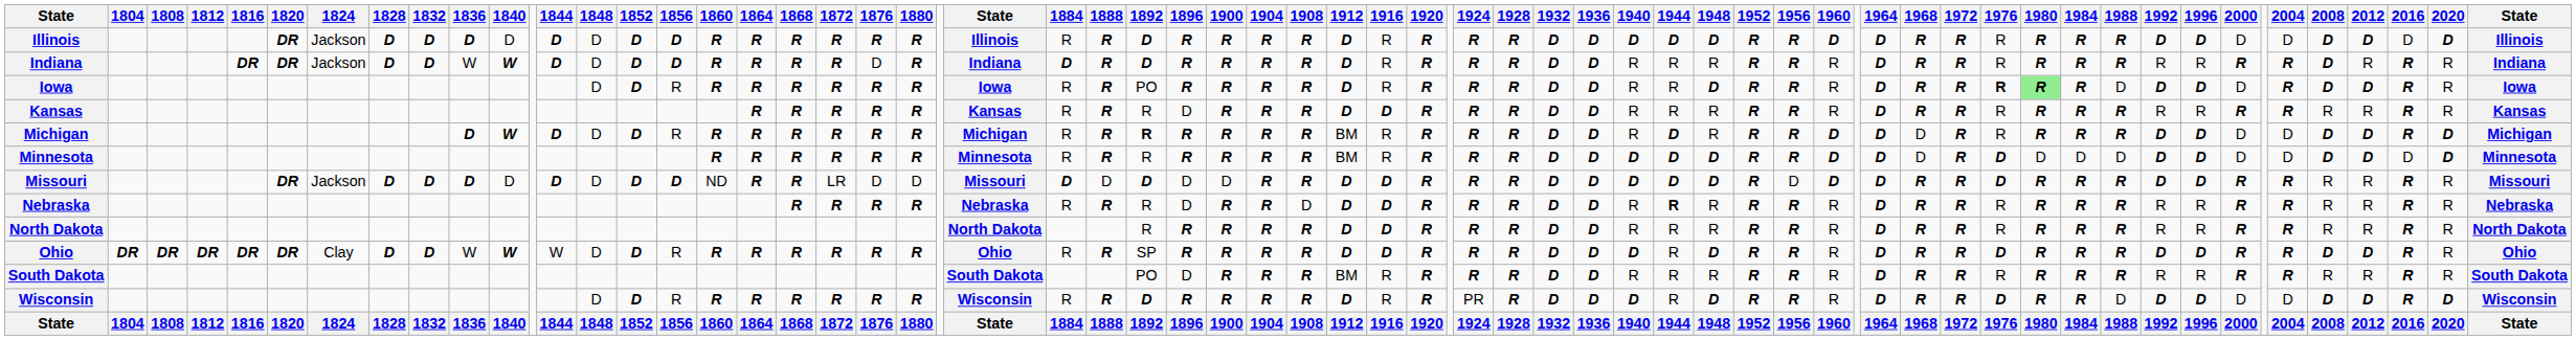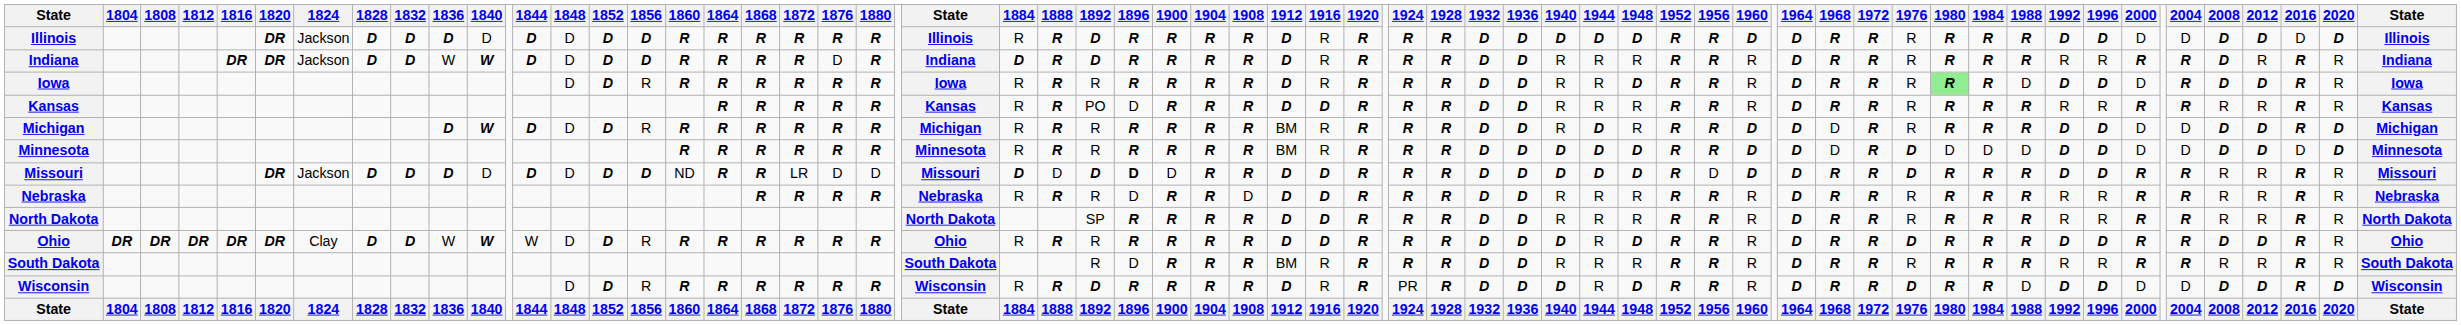 <table class=wikitable style="text-align:center">
 <tr>
 <th>State</th>
 <th><a href='#'>1804</a></th>
 <th><a href='#'>1808</a></th>
 <th><a href='#'>1812</a></th>
 <th><a href='#'>1816</a></th>
 <th><a href='#'>1820</a></th>
 <th><a href='#'>1824</a></th>
 <th><a href='#'>1828</a></th>
 <th><a href='#'>1832</a></th>
 <th><a href='#'>1836</a></th>
 <th><a href='#'>1840</a></th>
 <td rowspan=99></td>
 <th><a href='#'>1844</a></th>
 <th><a href='#'>1848</a></th>
 <th><a href='#'>1852</a></th>
 <th><a href='#'>1856</a></th>
 <th><a href='#'>1860</a></th>
 <th><a href='#'>1864</a></th>
 <th><a href='#'>1868</a></th>
 <th><a href='#'>1872</a></th>
 <th><a href='#'>1876</a></th>
 <th><a href='#'>1880</a></th>
 <td rowspan=99></td>
 <th>State</th>
 <th><a href='#'>1884</a></th>
 <th><a href='#'>1888</a></th>
 <th><a href='#'>1892</a></th>
 <th><a href='#'>1896</a></th>
 <th><a href='#'>1900</a></th>
 <th><a href='#'>1904</a></th>
 <th><a href='#'>1908</a></th>
 <th><a href='#'>1912</a></th>
 <th><a href='#'>1916</a></th>
 <th><a href='#'>1920</a></th>
 <td rowspan=99></td>
 <th><a href='#'>1924</a></th>
 <th><a href='#'>1928</a></th>
 <th><a href='#'>1932</a></th>
 <th><a href='#'>1936</a></th>
 <th><a href='#'>1940</a></th>
 <th><a href='#'>1944</a></th>
 <th><a href='#'>1948</a></th>
 <th><a href='#'>1952</a></th>
 <th><a href='#'>1956</a></th>
 <th><a href='#'>1960</a></th>
 <td rowspan=99></td>
 <th><a href='#'>1964</a></th>
 <th><a href='#'>1968</a></th>
 <th><a href='#'>1972</a></th>
 <th><a href='#'>1976</a></th>
 <th><a href='#'>1980</a></th>
 <th><a href='#'>1984</a></th>
 <th><a href='#'>1988</a></th>
 <th><a href='#'>1992</a></th>
 <th><a href='#'>1996</a></th>
 <th><a href='#'>2000</a></th>
 <td rowspan=99></td>
 <th><a href='#'>2004</a></th>
 <th><a href='#'>2008</a></th>
 <th><a href='#'>2012</a></th>
 <th><a href='#'>2016</a></th>
 <th><a href='#'>2020</a></th>
 <th>State</th>
 </tr>
 <tr>
 <th nowrap><a href='#'>Illinois</a></th>
 <td> </td>
 <td> </td>
 <td> </td>
 <td> </td>
 <td><strong><em>DR</em></strong></td>
 <td>Jackson</td>
 <td><strong><em>D</em></strong></td>
 <td><strong><em>D</em></strong></td>
 <td><strong><em>D</em></strong></td>
 <td>D</td>
 <td><strong><em>D</em></strong></td>
 <td>D</td>
 <td><strong><em>D</em></strong></td>
 <td><strong><em>D</em></strong></td>
 <td><strong><em>R</em></strong></td>
 <td><strong><em>R</em></strong></td>
 <td><strong><em>R</em></strong></td>
 <td><strong><em>R</em></strong></td>
 <td><strong><em>R</em></strong></td>
 <td><strong><em>R</em></strong></td>
 <th nowrap><a href='#'>Illinois</a></th>
 <td>R</td>
 <td><strong><em>R</em></strong></td>
 <td><strong><em>D</em></strong></td>
 <td><strong><em>R</em></strong></td>
 <td><strong><em>R</em></strong></td>
 <td><strong><em>R</em></strong></td>
 <td><strong><em>R</em></strong></td>
 <td><strong><em>D</em></strong></td>
 <td>R</td>
 <td><strong><em>R</em></strong></td>
 <td><strong><em>R</em></strong></td>
 <td><strong><em>R</em></strong></td>
 <td><strong><em>D</em></strong></td>
 <td><strong><em>D</em></strong></td>
 <td><strong><em>D</em></strong></td>
 <td><strong><em>D</em></strong></td>
 <td><strong><em>D</em></strong></td>
 <td><strong><em>R</em></strong></td>
 <td><strong><em>R</em></strong></td>
 <td><strong><em>D</em></strong></td>
 <td><strong><em>D</em></strong></td>
 <td><strong><em>R</em></strong></td>
 <td><strong><em>R</em></strong></td>
 <td>R</td>
 <td><strong><em>R</em></strong></td>
 <td><strong><em>R</em></strong></td>
 <td><strong><em>R</em></strong></td>
 <td><strong><em>D</em></strong></td>
 <td><strong><em>D</em></strong></td>
 <td>D</td>
 <td>D</td>
 <td><strong><em>D</em></strong></td>
 <td><strong><em>D</em></strong></td>
 <td>D</td>
 <td><strong><em>D</em></strong></td>
 <th nowrap><a href='#'>Illinois</a></th>
 </tr>
 <tr>
 <th nowrap><a href='#'>Indiana</a></th>
 <td> </td>
 <td> </td>
 <td> </td>
 <td><strong><em>DR</em></strong></td>
 <td><strong><em>DR</em></strong></td>
 <td>Jackson</td>
 <td><strong><em>D</em></strong></td>
 <td><strong><em>D</em></strong></td>
 <td>W</td>
 <td><strong><em>W</em></strong></td>
 <td><strong><em>D</em></strong></td>
 <td>D</td>
 <td><strong><em>D</em></strong></td>
 <td><strong><em>D</em></strong></td>
 <td><strong><em>R</em></strong></td>
 <td><strong><em>R</em></strong></td>
 <td><strong><em>R</em></strong></td>
 <td><strong><em>R</em></strong></td>
 <td>D</td>
 <td><strong><em>R</em></strong></td>
 <th nowrap><a href='#'>Indiana</a></th>
 <td><strong><em>D</em></strong></td>
 <td><strong><em>R</em></strong></td>
 <td><strong><em>D</em></strong></td>
 <td><strong><em>R</em></strong></td>
 <td><strong><em>R</em></strong></td>
 <td><strong><em>R</em></strong></td>
 <td><strong><em>R</em></strong></td>
 <td><strong><em>D</em></strong></td>
 <td>R</td>
 <td><strong><em>R</em></strong></td>
 <td><strong><em>R</em></strong></td>
 <td><strong><em>R</em></strong></td>
 <td><strong><em>D</em></strong></td>
 <td><strong><em>D</em></strong></td>
 <td>R</td>
 <td>R</td>
 <td>R</td>
 <td><strong><em>R</em></strong></td>
 <td><strong><em>R</em></strong></td>
 <td>R</td>
 <td><strong><em>D</em></strong></td>
 <td><strong><em>R</em></strong></td>
 <td><strong><em>R</em></strong></td>
 <td>R</td>
 <td><strong><em>R</em></strong></td>
 <td><strong><em>R</em></strong></td>
 <td><strong><em>R</em></strong></td>
 <td>R</td>
 <td>R</td>
 <td><strong><em>R</em></strong></td>
 <td><strong><em>R</em></strong></td>
 <td><strong><em>D</em></strong></td>
 <td>R</td>
 <td><strong><em>R</em></strong></td>
 <td>R</td>
 <th nowrap><a href='#'>Indiana</a></th>
 </tr>
 <tr>
 <th nowrap><a href='#'>Iowa</a></th>
 <td> </td>
 <td> </td>
 <td> </td>
 <td> </td>
 <td> </td>
 <td> </td>
 <td> </td>
 <td> </td>
 <td> </td>
 <td> </td>
 <td> </td>
 <td>D</td>
 <td><strong><em>D</em></strong></td>
 <td>R</td>
 <td><strong><em>R</em></strong></td>
 <td><strong><em>R</em></strong></td>
 <td><strong><em>R</em></strong></td>
 <td><strong><em>R</em></strong></td>
 <td><strong><em>R</em></strong></td>
 <td><strong><em>R</em></strong></td>
 <th nowrap><a href='#'>Iowa</a></th>
 <td>R</td>
 <td><strong><em>R</em></strong></td>
-<td>PO</td>
+<td>R</td>
 <td><strong><em>R</em></strong></td>
 <td><strong><em>R</em></strong></td>
 <td><strong><em>R</em></strong></td>
 <td><strong><em>R</em></strong></td>
 <td><strong><em>D</em></strong></td>
 <td>R</td>
 <td><strong><em>R</em></strong></td>
 <td><strong><em>R</em></strong></td>
 <td><strong><em>R</em></strong></td>
 <td><strong><em>D</em></strong></td>
 <td><strong><em>D</em></strong></td>
 <td>R</td>
 <td>R</td>
 <td><strong><em>D</em></strong></td>
 <td><strong><em>R</em></strong></td>
 <td><strong><em>R</em></strong></td>
 <td>R</td>
 <td><strong><em>D</em></strong></td>
 <td><strong><em>R</em></strong></td>
 <td><strong><em>R</em></strong></td>
-<td><strong>R</strong></td>
+<td>R</td>
 <td style="background: lightgreen;"><strong><em>R</em></strong></td>
 <td><strong><em>R</em></strong></td>
 <td>D</td>
 <td><strong><em>D</em></strong></td>
 <td><strong><em>D</em></strong></td>
 <td>D</td>
 <td><strong><em>R</em></strong></td>
 <td><strong><em>D</em></strong></td>
 <td><strong><em>D</em></strong></td>
 <td><strong><em>R</em></strong></td>
 <td>R</td>
 <th nowrap><a href='#'>Iowa</a></th>
 </tr>
 <tr>
 <th nowrap><a href='#'>Kansas</a></th>
 <td> </td>
 <td> </td>
 <td> </td>
 <td> </td>
 <td> </td>
 <td> </td>
 <td> </td>
 <td> </td>
 <td> </td>
 <td> </td>
 <td> </td>
 <td> </td>
 <td> </td>
 <td> </td>
 <td> </td>
 <td><strong><em>R</em></strong></td>
 <td><strong><em>R</em></strong></td>
 <td><strong><em>R</em></strong></td>
 <td><strong><em>R</em></strong></td>
 <td><strong><em>R</em></strong></td>
 <th nowrap><a href='#'>Kansas</a></th>
 <td>R</td>
 <td><strong><em>R</em></strong></td>
-<td>R</td>
+<td>PO</td>
 <td>D</td>
 <td><strong><em>R</em></strong></td>
 <td><strong><em>R</em></strong></td>
 <td><strong><em>R</em></strong></td>
 <td><strong><em>D</em></strong></td>
 <td><strong><em>D</em></strong></td>
 <td><strong><em>R</em></strong></td>
 <td><strong><em>R</em></strong></td>
 <td><strong><em>R</em></strong></td>
 <td><strong><em>D</em></strong></td>
 <td><strong><em>D</em></strong></td>
 <td>R</td>
 <td>R</td>
 <td>R</td>
 <td><strong><em>R</em></strong></td>
 <td><strong><em>R</em></strong></td>
 <td>R</td>
 <td><strong><em>D</em></strong></td>
 <td><strong><em>R</em></strong></td>
 <td><strong><em>R</em></strong></td>
 <td>R</td>
 <td><strong><em>R</em></strong></td>
 <td><strong><em>R</em></strong></td>
 <td><strong><em>R</em></strong></td>
 <td>R</td>
 <td>R</td>
 <td><strong><em>R</em></strong></td>
 <td><strong><em>R</em></strong></td>
 <td>R</td>
 <td>R</td>
 <td><strong><em>R</em></strong></td>
 <td>R</td>
 <th nowrap><a href='#'>Kansas</a></th>
 </tr>
 <tr>
 <th nowrap><a href='#'>Michigan</a></th>
 <td> </td>
 <td> </td>
 <td> </td>
 <td> </td>
 <td> </td>
 <td> </td>
 <td> </td>
 <td> </td>
 <td><strong><em>D</em></strong></td>
 <td><strong><em>W</em></strong></td>
 <td><strong><em>D</em></strong></td>
 <td>D</td>
 <td><strong><em>D</em></strong></td>
 <td>R</td>
 <td><strong><em>R</em></strong></td>
 <td><strong><em>R</em></strong></td>
 <td><strong><em>R</em></strong></td>
 <td><strong><em>R</em></strong></td>
 <td><strong><em>R</em></strong></td>
 <td><strong><em>R</em></strong></td>
 <th nowrap><a href='#'>Michigan</a></th>
 <td>R</td>
 <td><strong><em>R</em></strong></td>
-<td><strong>R</strong></td>
+<td>R</td>
 <td><strong><em>R</em></strong></td>
 <td><strong><em>R</em></strong></td>
 <td><strong><em>R</em></strong></td>
 <td><strong><em>R</em></strong></td>
 <td>BM</td>
 <td>R</td>
 <td><strong><em>R</em></strong></td>
 <td><strong><em>R</em></strong></td>
 <td><strong><em>R</em></strong></td>
 <td><strong><em>D</em></strong></td>
 <td><strong><em>D</em></strong></td>
 <td>R</td>
 <td><strong><em>D</em></strong></td>
 <td>R</td>
 <td><strong><em>R</em></strong></td>
 <td><strong><em>R</em></strong></td>
 <td><strong><em>D</em></strong></td>
 <td><strong><em>D</em></strong></td>
 <td>D</td>
 <td><strong><em>R</em></strong></td>
 <td>R</td>
 <td><strong><em>R</em></strong></td>
 <td><strong><em>R</em></strong></td>
 <td><strong><em>R</em></strong></td>
 <td><strong><em>D</em></strong></td>
 <td><strong><em>D</em></strong></td>
 <td>D</td>
 <td>D</td>
 <td><strong><em>D</em></strong></td>
 <td><strong><em>D</em></strong></td>
 <td><strong><em>R</em></strong></td>
 <td><strong><em>D</em></strong></td>
 <th nowrap><a href='#'>Michigan</a></th>
 </tr>
 <tr>
 <th nowrap><a href='#'>Minnesota</a></th>
 <td> </td>
 <td> </td>
 <td> </td>
 <td> </td>
 <td> </td>
 <td> </td>
 <td> </td>
 <td> </td>
 <td> </td>
 <td> </td>
 <td> </td>
 <td> </td>
 <td> </td>
 <td> </td>
 <td><strong><em>R</em></strong></td>
 <td><strong><em>R</em></strong></td>
 <td><strong><em>R</em></strong></td>
 <td><strong><em>R</em></strong></td>
 <td><strong><em>R</em></strong></td>
 <td><strong><em>R</em></strong></td>
 <th nowrap><a href='#'>Minnesota</a></th>
 <td>R</td>
 <td><strong><em>R</em></strong></td>
 <td>R</td>
 <td><strong><em>R</em></strong></td>
 <td><strong><em>R</em></strong></td>
 <td><strong><em>R</em></strong></td>
 <td><strong><em>R</em></strong></td>
 <td>BM</td>
 <td>R</td>
 <td><strong><em>R</em></strong></td>
 <td><strong><em>R</em></strong></td>
 <td><strong><em>R</em></strong></td>
 <td><strong><em>D</em></strong></td>
 <td><strong><em>D</em></strong></td>
 <td><strong><em>D</em></strong></td>
 <td><strong><em>D</em></strong></td>
 <td><strong><em>D</em></strong></td>
 <td><strong><em>R</em></strong></td>
 <td><strong><em>R</em></strong></td>
 <td><strong><em>D</em></strong></td>
 <td><strong><em>D</em></strong></td>
 <td>D</td>
 <td><strong><em>R</em></strong></td>
 <td><strong><em>D</em></strong></td>
 <td>D</td>
 <td>D</td>
 <td>D</td>
 <td><strong><em>D</em></strong></td>
 <td><strong><em>D</em></strong></td>
 <td>D</td>
 <td>D</td>
 <td><strong><em>D</em></strong></td>
 <td><strong><em>D</em></strong></td>
 <td>D</td>
 <td><strong><em>D</em></strong></td>
 <th nowrap><a href='#'>Minnesota</a></th>
 </tr>
 <tr>
 <th nowrap><a href='#'>Missouri</a></th>
 <td> </td>
 <td> </td>
 <td> </td>
 <td> </td>
 <td><strong><em>DR</em></strong></td>
 <td>Jackson</td>
 <td><strong><em>D</em></strong></td>
 <td><strong><em>D</em></strong></td>
 <td><strong><em>D</em></strong></td>
 <td>D</td>
 <td><strong><em>D</em></strong></td>
 <td>D</td>
 <td><strong><em>D</em></strong></td>
 <td><strong><em>D</em></strong></td>
 <td>ND</td>
 <td><strong><em>R</em></strong></td>
 <td><strong><em>R</em></strong></td>
 <td>LR</td>
 <td>D</td>
 <td>D</td>
 <th nowrap><a href='#'>Missouri</a></th>
 <td><strong><em>D</em></strong></td>
 <td>D</td>
 <td><strong><em>D</em></strong></td>
-<td>D</td>
+<td><strong>D</strong></td>
 <td>D</td>
 <td><strong><em>R</em></strong></td>
 <td><strong><em>R</em></strong></td>
 <td><strong><em>D</em></strong></td>
 <td><strong><em>D</em></strong></td>
 <td><strong><em>R</em></strong></td>
 <td><strong><em>R</em></strong></td>
 <td><strong><em>R</em></strong></td>
 <td><strong><em>D</em></strong></td>
 <td><strong><em>D</em></strong></td>
 <td><strong><em>D</em></strong></td>
 <td><strong><em>D</em></strong></td>
 <td><strong><em>D</em></strong></td>
 <td><strong><em>R</em></strong></td>
 <td>D</td>
 <td><strong><em>D</em></strong></td>
 <td><strong><em>D</em></strong></td>
 <td><strong><em>R</em></strong></td>
 <td><strong><em>R</em></strong></td>
 <td><strong><em>D</em></strong></td>
 <td><strong><em>R</em></strong></td>
 <td><strong><em>R</em></strong></td>
 <td><strong><em>R</em></strong></td>
 <td><strong><em>D</em></strong></td>
 <td><strong><em>D</em></strong></td>
 <td><strong><em>R</em></strong></td>
 <td><strong><em>R</em></strong></td>
 <td>R</td>
 <td>R</td>
 <td><strong><em>R</em></strong></td>
 <td>R</td>
 <th nowrap><a href='#'>Missouri</a></th>
 </tr>
 <tr>
 <th nowrap><a href='#'>Nebraska</a></th>
 <td> </td>
 <td> </td>
 <td> </td>
 <td> </td>
 <td> </td>
 <td> </td>
 <td> </td>
 <td> </td>
 <td> </td>
 <td> </td>
 <td> </td>
 <td> </td>
 <td> </td>
 <td> </td>
 <td> </td>
 <td> </td>
 <td><strong><em>R</em></strong></td>
 <td><strong><em>R</em></strong></td>
 <td><strong><em>R</em></strong></td>
 <td><strong><em>R</em></strong></td>
 <th nowrap><a href='#'>Nebraska</a></th>
 <td>R</td>
 <td><strong><em>R</em></strong></td>
 <td>R</td>
 <td>D</td>
 <td><strong><em>R</em></strong></td>
 <td><strong><em>R</em></strong></td>
 <td>D</td>
 <td><strong><em>D</em></strong></td>
 <td><strong><em>D</em></strong></td>
 <td><strong><em>R</em></strong></td>
 <td><strong><em>R</em></strong></td>
 <td><strong><em>R</em></strong></td>
 <td><strong><em>D</em></strong></td>
 <td><strong><em>D</em></strong></td>
 <td>R</td>
-<td><strong>R</strong></td>
+<td>R</td>
 <td>R</td>
 <td><strong><em>R</em></strong></td>
 <td><strong><em>R</em></strong></td>
 <td>R</td>
 <td><strong><em>D</em></strong></td>
 <td><strong><em>R</em></strong></td>
 <td><strong><em>R</em></strong></td>
 <td>R</td>
 <td><strong><em>R</em></strong></td>
 <td><strong><em>R</em></strong></td>
 <td><strong><em>R</em></strong></td>
 <td>R</td>
 <td>R</td>
 <td><strong><em>R</em></strong></td>
 <td><strong><em>R</em></strong></td>
 <td>R</td>
 <td>R</td>
 <td><strong><em>R</em></strong></td>
 <td>R</td>
 <th nowrap><a href='#'>Nebraska</a></th>
 </tr>
 <tr>
 <th nowrap><a href='#'>North Dakota</a></th>
 <td> </td>
 <td> </td>
 <td> </td>
 <td> </td>
 <td> </td>
 <td> </td>
 <td> </td>
 <td> </td>
 <td> </td>
 <td> </td>
 <td> </td>
 <td> </td>
 <td> </td>
 <td> </td>
 <td> </td>
 <td> </td>
 <td> </td>
 <td> </td>
 <td> </td>
 <td> </td>
 <th nowrap><a href='#'>North Dakota</a></th>
 <td> </td>
 <td> </td>
-<td>R</td>
+<td>SP</td>
 <td><strong><em>R</em></strong></td>
 <td><strong><em>R</em></strong></td>
 <td><strong><em>R</em></strong></td>
 <td><strong><em>R</em></strong></td>
 <td><strong><em>D</em></strong></td>
 <td><strong><em>D</em></strong></td>
 <td><strong><em>R</em></strong></td>
 <td><strong><em>R</em></strong></td>
 <td><strong><em>R</em></strong></td>
 <td><strong><em>D</em></strong></td>
 <td><strong><em>D</em></strong></td>
 <td>R</td>
 <td>R</td>
 <td>R</td>
 <td><strong><em>R</em></strong></td>
 <td><strong><em>R</em></strong></td>
 <td>R</td>
 <td><strong><em>D</em></strong></td>
 <td><strong><em>R</em></strong></td>
 <td><strong><em>R</em></strong></td>
 <td>R</td>
 <td><strong><em>R</em></strong></td>
 <td><strong><em>R</em></strong></td>
 <td><strong><em>R</em></strong></td>
 <td>R</td>
 <td>R</td>
 <td><strong><em>R</em></strong></td>
 <td><strong><em>R</em></strong></td>
 <td>R</td>
 <td>R</td>
 <td><strong><em>R</em></strong></td>
 <td>R</td>
 <th nowrap><a href='#'>North Dakota</a></th>
 </tr>
 <tr>
 <th nowrap><a href='#'>Ohio</a></th>
 <td><strong><em>DR</em></strong></td>
 <td><strong><em>DR</em></strong></td>
 <td><strong><em>DR</em></strong></td>
 <td><strong><em>DR</em></strong></td>
 <td><strong><em>DR</em></strong></td>
 <td>Clay</td>
 <td><strong><em>D</em></strong></td>
 <td><strong><em>D</em></strong></td>
 <td>W</td>
 <td><strong><em>W</em></strong></td>
 <td>W</td>
 <td>D</td>
 <td><strong><em>D</em></strong></td>
 <td>R</td>
 <td><strong><em>R</em></strong></td>
 <td><strong><em>R</em></strong></td>
 <td><strong><em>R</em></strong></td>
 <td><strong><em>R</em></strong></td>
 <td><strong><em>R</em></strong></td>
 <td><strong><em>R</em></strong></td>
 <th nowrap><a href='#'>Ohio</a></th>
 <td>R</td>
 <td><strong><em>R</em></strong></td>
-<td>SP</td>
+<td>R</td>
 <td><strong><em>R</em></strong></td>
 <td><strong><em>R</em></strong></td>
 <td><strong><em>R</em></strong></td>
 <td><strong><em>R</em></strong></td>
 <td><strong><em>D</em></strong></td>
 <td><strong><em>D</em></strong></td>
 <td><strong><em>R</em></strong></td>
 <td><strong><em>R</em></strong></td>
 <td><strong><em>R</em></strong></td>
 <td><strong><em>D</em></strong></td>
 <td><strong><em>D</em></strong></td>
 <td><strong><em>D</em></strong></td>
 <td>R</td>
 <td><strong><em>D</em></strong></td>
 <td><strong><em>R</em></strong></td>
 <td><strong><em>R</em></strong></td>
 <td>R</td>
 <td><strong><em>D</em></strong></td>
 <td><strong><em>R</em></strong></td>
 <td><strong><em>R</em></strong></td>
 <td><strong><em>D</em></strong></td>
 <td><strong><em>R</em></strong></td>
 <td><strong><em>R</em></strong></td>
 <td><strong><em>R</em></strong></td>
 <td><strong><em>D</em></strong></td>
 <td><strong><em>D</em></strong></td>
 <td><strong><em>R</em></strong></td>
 <td><strong><em>R</em></strong></td>
 <td><strong><em>D</em></strong></td>
 <td><strong><em>D</em></strong></td>
 <td><strong><em>R</em></strong></td>
 <td>R</td>
 <th nowrap><a href='#'>Ohio</a></th>
 </tr>
 <tr>
 <th nowrap><a href='#'>South Dakota</a></th>
 <td> </td>
 <td> </td>
 <td> </td>
 <td> </td>
 <td> </td>
 <td> </td>
 <td> </td>
 <td> </td>
 <td> </td>
 <td> </td>
 <td> </td>
 <td> </td>
 <td> </td>
 <td> </td>
 <td> </td>
 <td> </td>
 <td> </td>
 <td> </td>
 <td> </td>
 <td> </td>
 <th nowrap><a href='#'>South Dakota</a></th>
 <td> </td>
 <td> </td>
-<td>PO</td>
+<td>R</td>
 <td>D</td>
 <td><strong><em>R</em></strong></td>
 <td><strong><em>R</em></strong></td>
 <td><strong><em>R</em></strong></td>
 <td>BM</td>
 <td>R</td>
 <td><strong><em>R</em></strong></td>
 <td><strong><em>R</em></strong></td>
 <td><strong><em>R</em></strong></td>
 <td><strong><em>D</em></strong></td>
 <td><strong><em>D</em></strong></td>
 <td>R</td>
 <td>R</td>
 <td>R</td>
 <td><strong><em>R</em></strong></td>
 <td><strong><em>R</em></strong></td>
 <td>R</td>
 <td><strong><em>D</em></strong></td>
 <td><strong><em>R</em></strong></td>
 <td><strong><em>R</em></strong></td>
 <td>R</td>
 <td><strong><em>R</em></strong></td>
 <td><strong><em>R</em></strong></td>
 <td><strong><em>R</em></strong></td>
 <td>R</td>
 <td>R</td>
 <td><strong><em>R</em></strong></td>
 <td><strong><em>R</em></strong></td>
 <td>R</td>
 <td>R</td>
 <td><strong><em>R</em></strong></td>
 <td>R</td>
 <th nowrap><a href='#'>South Dakota</a></th>
 </tr>
 <tr>
 <th nowrap><a href='#'>Wisconsin</a></th>
 <td> </td>
 <td> </td>
 <td> </td>
 <td> </td>
 <td> </td>
 <td> </td>
 <td> </td>
 <td> </td>
 <td> </td>
 <td> </td>
 <td> </td>
 <td>D</td>
 <td><strong><em>D</em></strong></td>
 <td>R</td>
 <td><strong><em>R</em></strong></td>
 <td><strong><em>R</em></strong></td>
 <td><strong><em>R</em></strong></td>
 <td><strong><em>R</em></strong></td>
 <td><strong><em>R</em></strong></td>
 <td><strong><em>R</em></strong></td>
 <th nowrap><a href='#'>Wisconsin</a></th>
 <td>R</td>
 <td><strong><em>R</em></strong></td>
 <td><strong><em>D</em></strong></td>
 <td><strong><em>R</em></strong></td>
 <td><strong><em>R</em></strong></td>
 <td><strong><em>R</em></strong></td>
 <td><strong><em>R</em></strong></td>
 <td><strong><em>D</em></strong></td>
 <td>R</td>
 <td><strong><em>R</em></strong></td>
 <td>PR</td>
 <td><strong><em>R</em></strong></td>
 <td><strong><em>D</em></strong></td>
 <td><strong><em>D</em></strong></td>
 <td><strong><em>D</em></strong></td>
 <td>R</td>
 <td><strong><em>D</em></strong></td>
 <td><strong><em>R</em></strong></td>
 <td><strong><em>R</em></strong></td>
 <td>R</td>
 <td><strong><em>D</em></strong></td>
 <td><strong><em>R</em></strong></td>
 <td><strong><em>R</em></strong></td>
 <td><strong><em>D</em></strong></td>
 <td><strong><em>R</em></strong></td>
 <td><strong><em>R</em></strong></td>
 <td>D</td>
 <td><strong><em>D</em></strong></td>
 <td><strong><em>D</em></strong></td>
 <td>D</td>
 <td>D</td>
 <td><strong><em>D</em></strong></td>
 <td><strong><em>D</em></strong></td>
 <td><strong><em>R</em></strong></td>
 <td><strong><em>D</em></strong></td>
 <th nowrap><a href='#'>Wisconsin</a></th>
 </tr>
 <tr>
 <th>State</th>
 <th><a href='#'>1804</a></th>
 <th><a href='#'>1808</a></th>
 <th><a href='#'>1812</a></th>
 <th><a href='#'>1816</a></th>
 <th><a href='#'>1820</a></th>
 <th><a href='#'>1824</a></th>
 <th><a href='#'>1828</a></th>
 <th><a href='#'>1832</a></th>
 <th><a href='#'>1836</a></th>
 <th><a href='#'>1840</a></th>
 <th><a href='#'>1844</a></th>
 <th><a href='#'>1848</a></th>
 <th><a href='#'>1852</a></th>
 <th><a href='#'>1856</a></th>
 <th><a href='#'>1860</a></th>
 <th><a href='#'>1864</a></th>
 <th><a href='#'>1868</a></th>
 <th><a href='#'>1872</a></th>
 <th><a href='#'>1876</a></th>
 <th><a href='#'>1880</a></th>
 <th>State</th>
 <th><a href='#'>1884</a></th>
 <th><a href='#'>1888</a></th>
 <th><a href='#'>1892</a></th>
 <th><a href='#'>1896</a></th>
 <th><a href='#'>1900</a></th>
 <th><a href='#'>1904</a></th>
 <th><a href='#'>1908</a></th>
 <th><a href='#'>1912</a></th>
 <th><a href='#'>1916</a></th>
 <th><a href='#'>1920</a></th>
 <th><a href='#'>1924</a></th>
 <th><a href='#'>1928</a></th>
 <th><a href='#'>1932</a></th>
 <th><a href='#'>1936</a></th>
 <th><a href='#'>1940</a></th>
 <th><a href='#'>1944</a></th>
 <th><a href='#'>1948</a></th>
 <th><a href='#'>1952</a></th>
 <th><a href='#'>1956</a></th>
 <th><a href='#'>1960</a></th>
 <th><a href='#'>1964</a></th>
 <th><a href='#'>1968</a></th>
 <th><a href='#'>1972</a></th>
 <th><a href='#'>1976</a></th>
 <th><a href='#'>1980</a></th>
 <th><a href='#'>1984</a></th>
 <th><a href='#'>1988</a></th>
 <th><a href='#'>1992</a></th>
 <th><a href='#'>1996</a></th>
 <th><a href='#'>2000</a></th>
 <th><a href='#'>2004</a></th>
 <th><a href='#'>2008</a></th>
 <th><a href='#'>2012</a></th>
 <th><a href='#'>2016</a></th>
 <th><a href='#'>2020</a></th>
 <th>State</th>
 </tr>
 </table>
